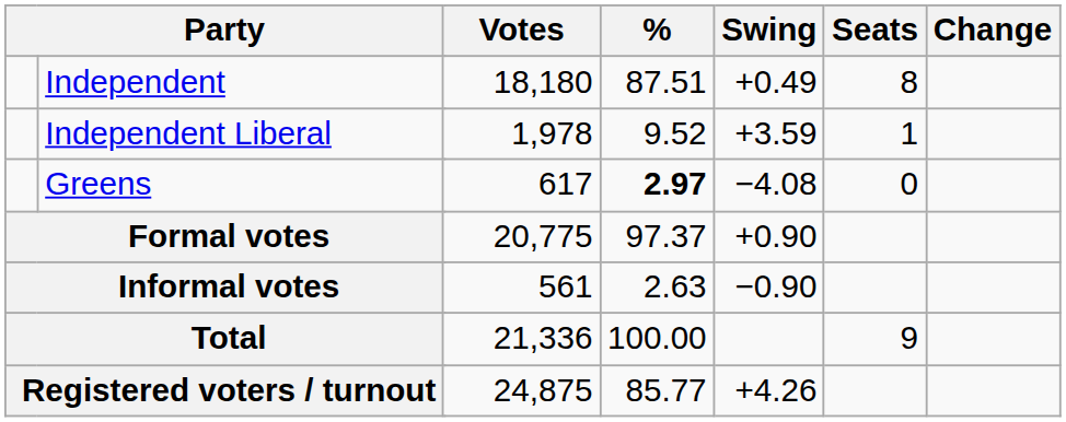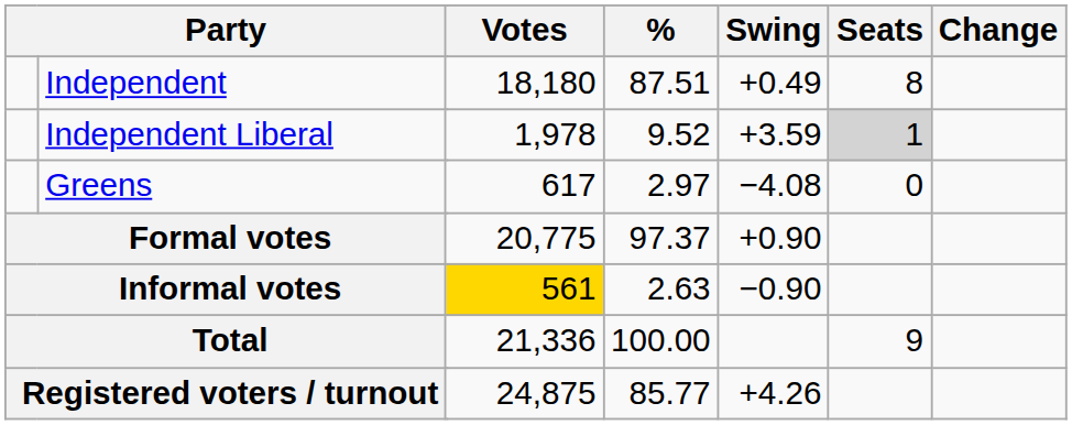 <table class="wikitable" style="text-align:right; margin-bottom:0">
 <tr>
 <th style="width:10px" colspan=3>Party</th>
 <th style="width:70px;">Votes</th>
 <th style="width:40px;">%</th>
 <th style="width:40px;">Swing</th>
 <th style="width:40px;">Seats</th>
 <th style="width:40px;">Change</th>
 </tr>
 <tr>
 <td> </td>
 <td style="text-align:left;" colspan="2"><a href='#'>Independent</a></td>
 <td>18,180</td>
 <td>87.51</td>
 <td>+0.49</td>
 <td>8</td>
 <td></td>
 </tr>
 <tr>
 <td> </td>
 <td style="text-align:left;" colspan="2"><a href='#'>Independent Liberal</a></td>
 <td>1,978</td>
 <td>9.52</td>
 <td>+3.59</td>
-<td>1</td>
+<td style="background: lightgrey;">1</td>
 <td></td>
 </tr>
 <tr>
 <td> </td>
 <td style="text-align:left;" colspan="2"><a href='#'>Greens</a></td>
 <td>617</td>
-<td><strong>2.97</strong></td>
+<td>2.97</td>
 <td>−4.08</td>
 <td>0</td>
 <td></td>
 </tr>
 <tr>
 <th colspan="3" rowspan="1"> Formal votes</th>
 <td>20,775</td>
 <td>97.37</td>
 <td>+0.90</td>
 <td></td>
 <td></td>
 </tr>
 <tr>
 <th colspan="3" rowspan="1"> Informal votes</th>
-<td>561</td>
+<td style="background: gold;">561</td>
 <td>2.63</td>
 <td>−0.90</td>
 <td></td>
 <td></td>
 </tr>
 <tr>
 <th colspan="3" rowspan="1"> Total</th>
 <td>21,336</td>
 <td>100.00</td>
 <td></td>
 <td>9</td>
 <td></td>
 </tr>
 <tr>
 <th colspan="3" rowspan="1"> Registered voters / turnout</th>
 <td>24,875</td>
 <td>85.77</td>
 <td>+4.26</td>
 <td></td>
 <td></td>
 </tr>
 </table>
